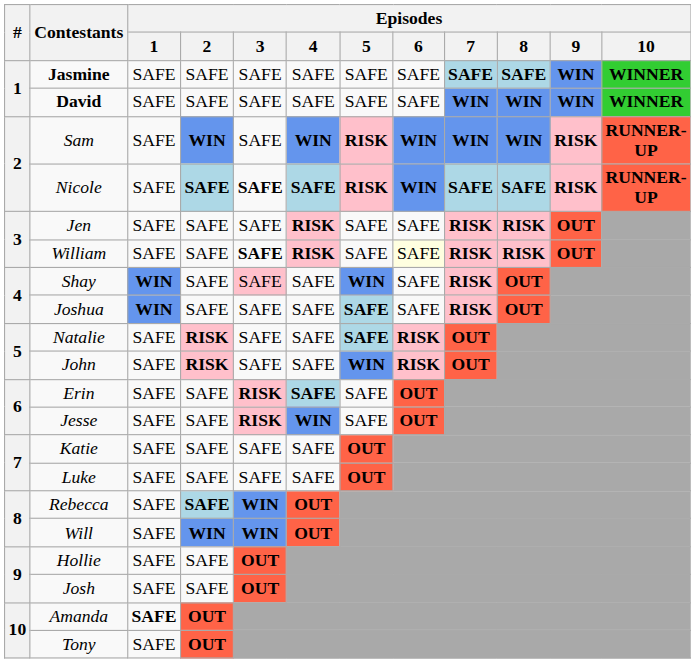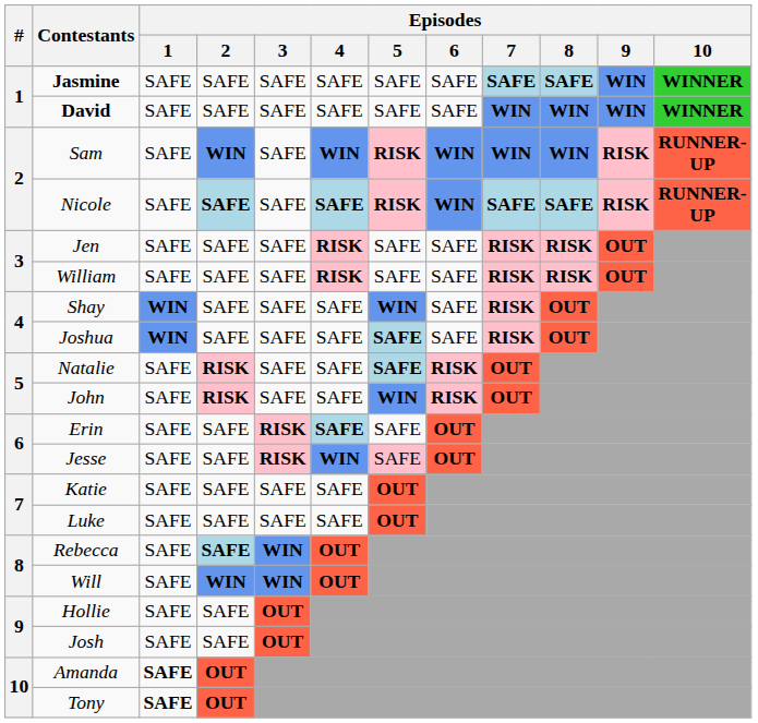 <table class="wikitable" style="text-align:center">
 <tr>
 <th rowspan=2>#</th>
 <th rowspan=2>Contestants</th>
 <th colspan=10>Episodes</th>
 </tr>
 <tr>
 <th>1</th>
 <th>2</th>
 <th>3</th>
 <th>4</th>
 <th>5</th>
 <th>6</th>
 <th>7</th>
 <th>8</th>
 <th>9</th>
 <th>10</th>
 </tr>
 <tr>
 <th rowspan=2>1</th>
 <td><strong>Jasmine</strong></td>
 <td>SAFE</td>
 <td>SAFE</td>
 <td>SAFE</td>
 <td>SAFE</td>
 <td>SAFE</td>
 <td>SAFE</td>
 <td style="background:lightblue;"><strong>SAFE</strong></td>
 <td style="background:lightblue;"><strong>SAFE</strong></td>
 <td style="background:cornflowerblue;"><strong>WIN</strong></td>
 <td style="background:limegreen;"><strong>WINNER</strong></td>
 </tr>
 <tr>
 <td><strong>David</strong></td>
 <td>SAFE</td>
 <td>SAFE</td>
 <td>SAFE</td>
 <td>SAFE</td>
 <td>SAFE</td>
 <td>SAFE</td>
 <td style="background:cornflowerblue;"><strong>WIN</strong></td>
 <td style="background:cornflowerblue;"><strong>WIN</strong></td>
 <td style="background:cornflowerblue;"><strong>WIN</strong></td>
 <td style="background:limegreen;"><strong>WINNER</strong></td>
 </tr>
 <tr>
 <th rowspan=2>2</th>
 <td><em>Sam</em></td>
 <td>SAFE</td>
 <td style="background:cornflowerblue;"><strong>WIN </strong></td>
 <td>SAFE</td>
 <td style="background:cornflowerblue;"><strong>WIN</strong></td>
 <td style="background:pink;"><strong>RISK </strong></td>
 <td style="background:cornflowerblue;"><strong>WIN</strong></td>
 <td style="background:cornflowerblue;"><strong>WIN</strong></td>
 <td style="background:cornflowerblue;"><strong>WIN</strong></td>
 <td style="background:pink;"><strong>RISK </strong></td>
 <td style="background:tomato;"><strong>RUNNER-UP</strong></td>
 </tr>
 <tr>
 <td><em>Nicole</em></td>
 <td>SAFE</td>
 <td style="background:lightblue;"><strong>SAFE</strong></td>
-<td><strong>SAFE</strong></td>
+<td>SAFE</td>
 <td style="background:lightblue;"><strong>SAFE</strong></td>
 <td style="background:pink;"><strong>RISK</strong></td>
 <td style="background:cornflowerblue;"><strong>WIN</strong></td>
 <td style="background:lightblue;"><strong>SAFE</strong></td>
 <td style="background:lightblue;"><strong>SAFE </strong></td>
 <td style="background:pink;"><strong>RISK</strong></td>
 <td style="background:tomato;"><strong>RUNNER-UP</strong></td>
 </tr>
 <tr>
 <th rowspan=2>3</th>
 <td><em>Jen</em></td>
 <td>SAFE</td>
 <td>SAFE</td>
 <td>SAFE</td>
 <td style="background:pink;"><strong>RISK</strong></td>
 <td>SAFE</td>
 <td>SAFE</td>
 <td style="background:pink;"><strong>RISK</strong></td>
 <td style="background:pink;"><strong>RISK</strong></td>
 <td style="background:tomato;"><strong>OUT</strong></td>
 <td style="background:darkgray;"></td>
 </tr>
 <tr>
 <td><em>William</em></td>
 <td>SAFE</td>
 <td>SAFE</td>
-<td><strong>SAFE</strong></td>
+<td>SAFE</td>
 <td style="background:pink;"><strong>RISK </strong></td>
 <td>SAFE</td>
-<td style="background: lightyellow;">SAFE</td>
+<td>SAFE</td>
 <td style="background:pink;"><strong>RISK</strong></td>
 <td style="background:pink;"><strong>RISK </strong></td>
 <td style="background:tomato;"><strong>OUT</strong></td>
 <td style="background:darkgray;"></td>
 </tr>
 <tr>
 <th rowspan=2>4</th>
 <td><em>Shay</em></td>
 <td style="background:cornflowerblue;"><strong>WIN</strong></td>
 <td>SAFE</td>
-<td style="background: pink;">SAFE</td>
+<td>SAFE</td>
 <td>SAFE</td>
 <td style="background:cornflowerblue;"><strong>WIN </strong></td>
 <td>SAFE</td>
 <td style="background:pink;"><strong>RISK</strong></td>
 <td style="background:tomato;"><strong>OUT</strong></td>
 <td style="background:darkgray;" colspan="4"></td>
 </tr>
 <tr>
 <td><em>Joshua</em></td>
 <td style="background:cornflowerblue;"><strong>WIN</strong></td>
 <td>SAFE</td>
 <td>SAFE</td>
 <td>SAFE</td>
 <td style="background:lightblue;"><strong>SAFE</strong></td>
 <td>SAFE</td>
 <td style="background:pink;"><strong>RISK </strong></td>
 <td style="background:tomato;"><strong>OUT</strong></td>
 <td style="background:darkgray;" colspan="4"></td>
 </tr>
 <tr>
 <th rowspan=2>5</th>
 <td><em>Natalie</em></td>
 <td>SAFE</td>
 <td style="background:pink;"><strong>RISK</strong></td>
 <td>SAFE</td>
 <td>SAFE</td>
 <td style="background:lightblue;"><strong>SAFE</strong></td>
 <td style="background:pink;"><strong>RISK</strong></td>
 <td style="background:tomato;"><strong>OUT</strong></td>
 <td style="background:darkgray;" colspan="5"></td>
 </tr>
 <tr>
 <td><em>John</em></td>
 <td>SAFE</td>
 <td style="background:pink;"><strong>RISK</strong></td>
 <td>SAFE</td>
 <td>SAFE</td>
 <td style="background:cornflowerblue;"><strong>WIN</strong></td>
 <td style="background:pink;"><strong>RISK</strong></td>
 <td style="background:tomato;"><strong>OUT</strong></td>
 <td style="background:darkgray;" colspan="5"></td>
 </tr>
 <tr>
 <th rowspan=2>6</th>
 <td><em>Erin</em></td>
 <td>SAFE</td>
 <td>SAFE</td>
 <td style="background:pink;"><strong>RISK</strong></td>
 <td style="background:lightblue;"><strong>SAFE</strong></td>
 <td>SAFE</td>
 <td style="background:tomato;"><strong>OUT</strong></td>
 <td style="background:darkgray;" colspan="6"></td>
 </tr>
 <tr>
 <td><em>Jesse</em></td>
 <td>SAFE</td>
 <td>SAFE</td>
 <td style="background:pink;"><strong>RISK </strong></td>
 <td style="background:cornflowerblue;"><strong>WIN</strong></td>
-<td>SAFE</td>
+<td style="background: pink;">SAFE</td>
 <td style="background:tomato;"><strong>OUT</strong></td>
 <td style="background:darkgray;" colspan="6"></td>
 </tr>
 <tr>
 <th rowspan=2>7</th>
 <td><em>Katie</em></td>
 <td>SAFE</td>
 <td>SAFE</td>
 <td>SAFE</td>
 <td>SAFE</td>
 <td style="background:tomato;"><strong>OUT</strong></td>
 <td style="background:darkgray;" colspan="7"></td>
 </tr>
 <tr>
 <td><em>Luke</em></td>
 <td>SAFE</td>
 <td>SAFE</td>
 <td>SAFE</td>
 <td>SAFE</td>
 <td style="background:tomato;"><strong>OUT</strong></td>
 <td style="background:darkgray;" colspan="7"></td>
 </tr>
 <tr>
 <th rowspan=2>8</th>
 <td><em>Rebecca</em></td>
 <td>SAFE</td>
 <td style="background:lightblue;"><strong>SAFE</strong></td>
 <td style="background:cornflowerblue;"><strong>WIN</strong></td>
 <td style="background:tomato;"><strong>OUT</strong></td>
 <td style="background:darkgray;" colspan="8"></td>
 </tr>
 <tr>
 <td><em>Will</em></td>
 <td>SAFE</td>
 <td style="background:cornflowerblue;"><strong>WIN</strong></td>
 <td style="background:cornflowerblue;"><strong>WIN</strong></td>
 <td style="background:tomato;"><strong>OUT</strong></td>
 <td style="background:darkgray;" colspan="8"></td>
 </tr>
 <tr>
 <th rowspan=2>9</th>
 <td><em>Hollie</em></td>
 <td>SAFE</td>
 <td>SAFE</td>
 <td style="background:tomato;"><strong>OUT</strong></td>
 <td style="background:darkgray;" colspan="9"></td>
 </tr>
 <tr>
 <td><em>Josh</em></td>
 <td>SAFE</td>
 <td>SAFE</td>
 <td style="background:tomato;"><strong>OUT</strong></td>
 <td style="background:darkgray;" colspan="9"></td>
 </tr>
 <tr>
 <th rowspan=2>10</th>
 <td><em>Amanda</em></td>
 <td><strong>SAFE</strong></td>
 <td style="background:tomato;"><strong>OUT</strong></td>
 <td style="background:darkgray;" colspan="10"></td>
 </tr>
 <tr>
 <td><em>Tony</em></td>
-<td>SAFE</td>
+<td><strong>SAFE</strong></td>
 <td style="background:tomato;"><strong>OUT</strong></td>
 <td style="background:darkgray;" colspan="10"></td>
 </tr>
 </table>
